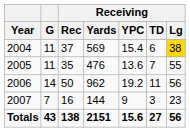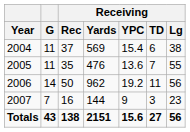 <table class="wikitable">
 <tr>
 <th></th>
 <th></th>
 <th colspan="5">Receiving</th>
 </tr>
 <tr>
 <th>Year</th>
 <th>G</th>
 <th>Rec</th>
 <th>Yards</th>
 <th>YPC</th>
 <th>TD</th>
 <th>Lg</th>
 </tr>
 <tr>
 <td>2004</td>
 <td>11</td>
 <td>37</td>
 <td>569</td>
 <td>15.4</td>
 <td>6</td>
-<td style="background: gold;">38</td>
+<td>38</td>
 </tr>
 <tr>
 <td>2005</td>
 <td>11</td>
 <td>35</td>
 <td>476</td>
 <td>13.6</td>
 <td>7</td>
 <td>55</td>
 </tr>
 <tr>
 <td>2006</td>
 <td>14</td>
 <td>50</td>
 <td>962</td>
 <td>19.2</td>
 <td>11</td>
 <td>56</td>
 </tr>
 <tr>
 <td>2007</td>
 <td>7</td>
 <td>16</td>
 <td>144</td>
 <td>9</td>
 <td>3</td>
 <td>23</td>
 </tr>
 <tr>
 <td><strong>Totals</strong></td>
 <td><strong>43</strong></td>
 <td><strong>138</strong></td>
 <td><strong>2151</strong></td>
 <td><strong>15.6</strong></td>
 <td><strong>27</strong></td>
 <td><strong>56</strong></td>
 </tr>
 </table>
